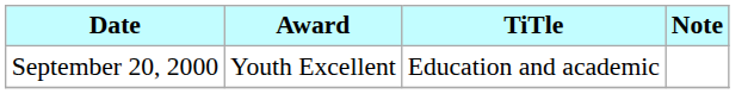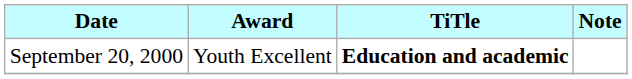 <table class="wikitable">
 <tr>
 <th style="background: #c2fdff">Date</th>
 <th style="background: #c2fdff">Award</th>
 <th style="background: #c2fdff">TiTle</th>
 <th style="background: #c2fdff">Note</th>
 </tr>
 <tr>
 <td style="background: #ffffff">September 20, 2000</td>
 <td style="background: #ffffff">Youth Excellent</td>
-<td style="background: #ffffff">Education and academic</td>
+<td style="background: #ffffff"><strong>Education and academic</strong></td>
 <td style="background: #ffffff"></td>
 </tr>
 <tr>
 </tr>
 </table>
